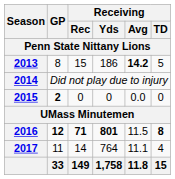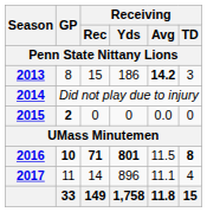 <table class="wikitable" style="text-align:center;">
 <tr>
 <th rowspan="2">Season</th>
 <th rowspan="2">GP</th>
 <th colspan="4">Receiving</th>
 </tr>
 <tr>
 <th>Rec</th>
 <th>Yds</th>
 <th>Avg</th>
 <th>TD</th>
 </tr>
 <tr>
 <th colspan="6">Penn State Nittany Lions</th>
 </tr>
 <tr>
 <th><a href='#'>2013</a></th>
 <td>8</td>
 <td>15</td>
 <td>186</td>
 <td><strong>14.2</strong></td>
-<td>5</td>
+<td>3</td>
 </tr>
 <tr>
 <th><a href='#'>2014</a></th>
 <td colspan="5"><em>Did not play due to injury</em></td>
 </tr>
 <tr>
 <th><a href='#'>2015</a></th>
 <td><strong>2</strong></td>
 <td>0</td>
 <td>0</td>
 <td>0.0</td>
 <td>0</td>
 </tr>
 <tr>
 <th colspan="6">UMass Minutemen</th>
 </tr>
 <tr>
 <th><a href='#'>2016</a></th>
-<td><strong>12</strong></td>
+<td><strong>10</strong></td>
 <td><strong>71</strong></td>
 <td><strong>801</strong></td>
 <td>11.5</td>
 <td><strong>8</strong></td>
 </tr>
 <tr>
 <th><a href='#'>2017</a></th>
 <td>11</td>
 <td>14</td>
-<td>764</td>
+<td>896</td>
 <td>11.1</td>
 <td>4</td>
 </tr>
 <tr>
 <th></th>
 <th>33</th>
 <th>149</th>
 <th>1,758</th>
 <th>11.8</th>
 <th>15</th>
 </tr>
 </table>
